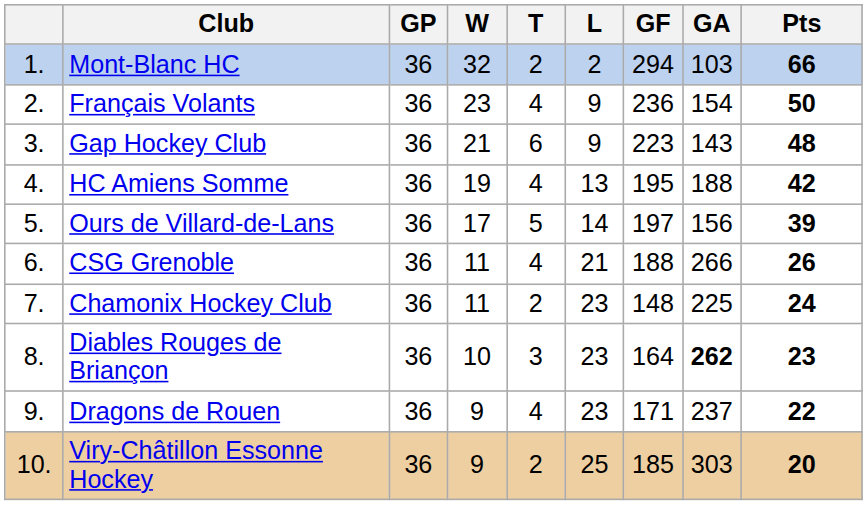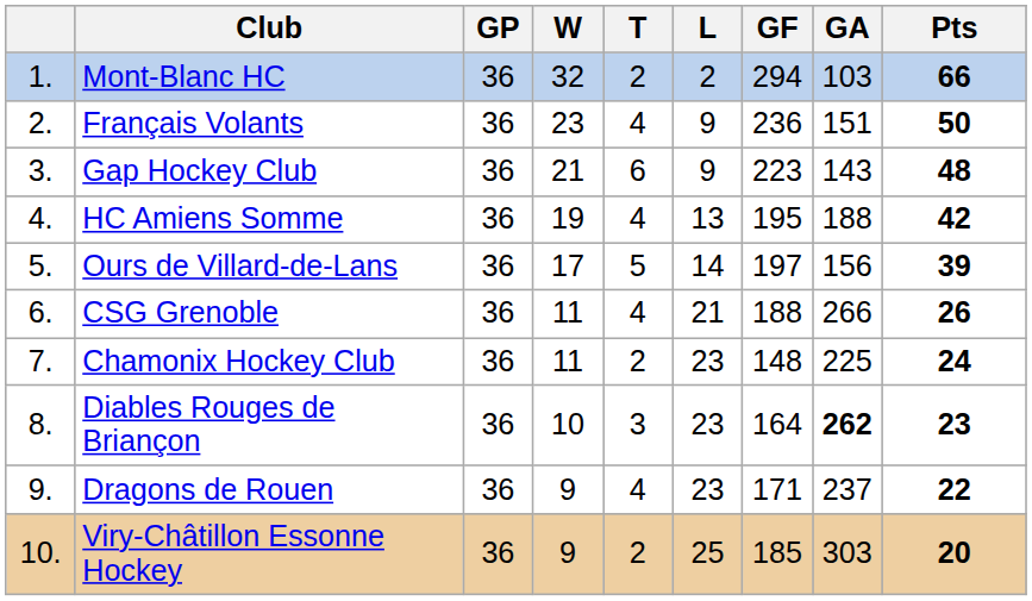 <table class="wikitable">
 <tr>
 <th width="30"></th>
 <th width="200">Club</th>
 <th width="30">GP</th>
 <th width="30">W</th>
 <th width="30">T</th>
 <th width="30">L</th>
 <th width="30">GF</th>
 <th width="30">GA</th>
 <th width="70">Pts</th>
 </tr>
 <tr bgcolor="#BCD2EE" align="center">
 <td>1.</td>
 <td align="left"><a href='#'>Mont-Blanc HC</a></td>
 <td>36</td>
 <td>32</td>
 <td>2</td>
 <td>2</td>
 <td>294</td>
 <td>103</td>
 <td><strong>66</strong></td>
 </tr>
 <tr bgcolor="#FFFFFF" align="center">
 <td>2.</td>
 <td align="left"><a href='#'>Français Volants</a></td>
 <td>36</td>
 <td>23</td>
 <td>4</td>
 <td>9</td>
 <td>236</td>
-<td>154</td>
+<td>151</td>
 <td><strong>50</strong></td>
 </tr>
 <tr bgcolor="#FFFFFF" align="center">
 <td>3.</td>
 <td align="left"><a href='#'>Gap Hockey Club</a></td>
 <td>36</td>
 <td>21</td>
 <td>6</td>
 <td>9</td>
 <td>223</td>
 <td>143</td>
 <td><strong>48</strong></td>
 </tr>
 <tr bgcolor="#FFFFFF" align="center">
 <td>4.</td>
 <td align="left"><a href='#'>HC Amiens Somme</a></td>
 <td>36</td>
 <td>19</td>
 <td>4</td>
 <td>13</td>
 <td>195</td>
 <td>188</td>
 <td><strong>42</strong></td>
 </tr>
 <tr bgcolor="#FFFFFF" align="center">
 <td>5.</td>
 <td align="left"><a href='#'>Ours de Villard-de-Lans</a></td>
 <td>36</td>
 <td>17</td>
 <td>5</td>
 <td>14</td>
 <td>197</td>
 <td>156</td>
 <td><strong>39</strong></td>
 </tr>
 <tr bgcolor="#FFFFFF" align="center">
 <td>6.</td>
 <td align="left"><a href='#'>CSG Grenoble</a></td>
 <td>36</td>
 <td>11</td>
 <td>4</td>
 <td>21</td>
 <td>188</td>
 <td>266</td>
 <td><strong>26</strong></td>
 </tr>
 <tr bgcolor="#FFFFFF" align="center">
 <td>7.</td>
 <td align="left"><a href='#'>Chamonix Hockey Club</a></td>
 <td>36</td>
 <td>11</td>
 <td>2</td>
 <td>23</td>
 <td>148</td>
 <td>225</td>
 <td><strong>24</strong></td>
 </tr>
 <tr bgcolor="#FFFFFF" align="center">
 <td>8.</td>
 <td align="left"><a href='#'>Diables Rouges de Briançon</a></td>
 <td>36</td>
 <td>10</td>
 <td>3</td>
 <td>23</td>
 <td>164</td>
 <td><strong>262</strong></td>
 <td><strong>23</strong></td>
 </tr>
 <tr bgcolor="#FFFFFF" align="center">
 <td>9.</td>
 <td align="left"><a href='#'>Dragons de Rouen</a></td>
 <td>36</td>
 <td>9</td>
 <td>4</td>
 <td>23</td>
 <td>171</td>
 <td>237</td>
 <td><strong>22</strong></td>
 </tr>
 <tr bgcolor="#EECFA1" align="center">
 <td>10.</td>
 <td align="left"><a href='#'>Viry-Châtillon Essonne Hockey&lrm;</a></td>
 <td>36</td>
 <td>9</td>
 <td>2</td>
 <td>25</td>
 <td>185</td>
 <td>303</td>
 <td><strong>20</strong></td>
 </tr>
 </table>
